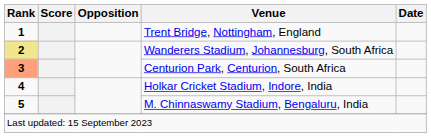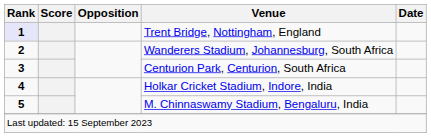 <table class="wikitable plainrowheaders sortable">
 <tr>
 <th scope=col>Rank</th>
 <th scope=col>Score</th>
 <th scope=col>Opposition</th>
 <th scope=col>Venue</th>
 <th scope=col>Date</th>
 </tr>
 <tr>
-<td align=center><strong>1</strong></td>
+<td align=center style="background: lavender;"><strong>1</strong></td>
 <th scope=row style=text-align:center;></th>
 <td></td>
 <td><a href='#'>Trent Bridge</a>, <a href='#'>Nottingham</a>, England</td>
 <td><a href='#'></a></td>
 </tr>
 <tr>
-<td align=center style="background: khaki;"><strong>2</strong></td>
+<td align=center><strong>2</strong></td>
 <th scope=row style=text-align:center;></th>
 <td rowspan=2></td>
 <td><a href='#'>Wanderers Stadium</a>, <a href='#'>Johannesburg</a>, South Africa</td>
 <td><a href='#'></a></td>
 </tr>
 <tr>
-<td align=center style="background: lightsalmon;"><strong>3</strong></td>
+<td align=center><strong>3</strong></td>
 <th scope=row style=text-align:center;></th>
 <td><a href='#'>Centurion Park</a>, <a href='#'>Centurion</a>, South Africa</td>
 <td><a href='#'></a></td>
 </tr>
 <tr>
 <td align=center><strong>4</strong></td>
 <th scope=row style=text-align:center;></th>
 <td rowspan=2></td>
 <td><a href='#'>Holkar Cricket Stadium</a>, <a href='#'>Indore</a>, India</td>
 <td><a href='#'></a></td>
 </tr>
 <tr>
 <td align=center><strong>5</strong></td>
 <th scope=row style=text-align:center;></th>
 <td><a href='#'>M. Chinnaswamy Stadium</a>, <a href='#'>Bengaluru</a>, India</td>
 <td><a href='#'></a></td>
 </tr>
 <tr>
 </tr>
 <tr class=sortbottom>
 <td colspan=6><small>Last updated: 15 September 2023</small></td>
 </tr>
 </table>
